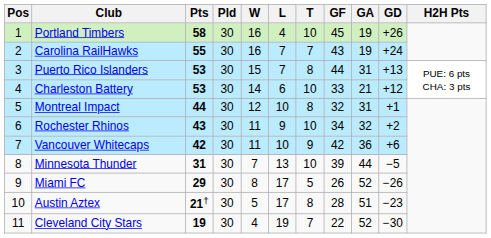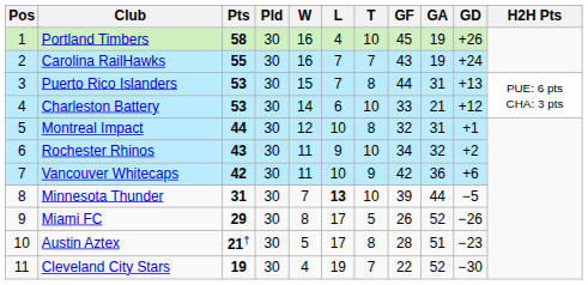 <table class="wikitable" style="text-align:center">
 <tr>
 <th width=30>Pos</th>
 <th width=200>Club</th>
 <th width=30>Pts</th>
 <th width=30>Pld</th>
 <th width=30>W</th>
 <th width=30>L</th>
 <th width=30>T</th>
 <th width=30>GF</th>
 <th width=30>GA</th>
 <th width=30>GD</th>
 <th width=100>H2H Pts</th>
 </tr>
 <tr bgcolor=#D0F0C0>
 <td>1</td>
 <td align="left"><a href='#'>Portland Timbers</a></td>
 <td><strong>58</strong></td>
 <td>30</td>
 <td>16</td>
 <td>4</td>
 <td>10</td>
 <td>45</td>
 <td>19</td>
 <td>+26</td>
 </tr>
 <tr bgcolor=#BBEBFF>
 <td>2</td>
 <td align="left"><a href='#'>Carolina RailHawks</a></td>
 <td><strong>55</strong></td>
 <td>30</td>
 <td>16</td>
 <td>7</td>
 <td>7</td>
 <td>43</td>
 <td>19</td>
 <td>+24</td>
 </tr>
 <tr bgcolor=#BBEBFF>
 <td>3</td>
 <td align="left"><a href='#'>Puerto Rico Islanders</a></td>
 <td><strong>53</strong></td>
 <td>30</td>
 <td>15</td>
 <td>7</td>
 <td>8</td>
 <td>44</td>
 <td>31</td>
 <td>+13</td>
 <td rowspan="2" bgcolor="FFFFFF"><small>PUE: 6 pts<br>CHA: 3 pts</small></td>
 </tr>
 <tr bgcolor=#BBEBFF>
 <td>4</td>
 <td align="left"><a href='#'>Charleston Battery</a></td>
 <td><strong>53</strong></td>
 <td>30</td>
 <td>14</td>
 <td>6</td>
 <td>10</td>
 <td>33</td>
 <td>21</td>
 <td>+12</td>
 </tr>
 <tr bgcolor=#BBEBFF>
 <td>5</td>
 <td align="left"><a href='#'>Montreal Impact</a></td>
 <td><strong>44</strong></td>
 <td>30</td>
 <td>12</td>
 <td>10</td>
 <td>8</td>
 <td>32</td>
 <td>31</td>
 <td>+1</td>
 </tr>
 <tr bgcolor=#BBEBFF>
 <td>6</td>
 <td align="left"><a href='#'>Rochester Rhinos</a></td>
 <td><strong>43</strong></td>
 <td>30</td>
 <td>11</td>
 <td>9</td>
 <td>10</td>
 <td>34</td>
 <td>32</td>
 <td>+2</td>
 </tr>
 <tr bgcolor=#BBEBFF>
 <td>7</td>
 <td align="left"><a href='#'>Vancouver Whitecaps</a></td>
 <td><strong>42</strong></td>
 <td>30</td>
 <td>11</td>
 <td>10</td>
 <td>9</td>
 <td>42</td>
 <td>36</td>
 <td>+6</td>
 </tr>
 <tr>
 <td>8</td>
 <td align="left"><a href='#'>Minnesota Thunder</a></td>
 <td><strong>31</strong></td>
 <td>30</td>
 <td>7</td>
-<td>13</td>
+<td><strong>13</strong></td>
 <td>10</td>
 <td>39</td>
 <td>44</td>
 <td>−5</td>
 </tr>
 <tr>
 <td>9</td>
 <td align="left"><a href='#'>Miami FC</a></td>
 <td><strong>29</strong></td>
 <td>30</td>
 <td>8</td>
 <td>17</td>
 <td>5</td>
 <td>26</td>
 <td>52</td>
 <td>−26</td>
 </tr>
 <tr>
 <td>10</td>
 <td align="left"><a href='#'>Austin Aztex</a></td>
 <td><strong>21</strong><sup>†</sup></td>
 <td>30</td>
 <td>5</td>
 <td>17</td>
 <td>8</td>
 <td>28</td>
 <td>51</td>
 <td>−23</td>
 </tr>
 <tr>
 <td>11</td>
 <td align="left"><a href='#'>Cleveland City Stars</a></td>
 <td><strong>19</strong></td>
 <td>30</td>
 <td>4</td>
 <td>19</td>
 <td>7</td>
 <td>22</td>
 <td>52</td>
 <td>−30</td>
 </tr>
 </table>
